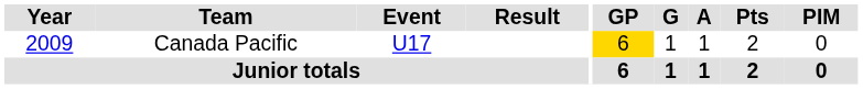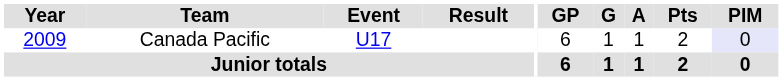 <table border="0" cellpadding="1" cellspacing="0" ID="Table3" style="text-align:center; width:40em">
 <tr ALIGN="center" bgcolor="#e0e0e0">
 <th>Year</th>
 <th>Team</th>
 <th>Event</th>
 <th>Result</th>
 <th rowspan="99" bgcolor="#ffffff"></th>
 <th>GP</th>
 <th>G</th>
 <th>A</th>
 <th>Pts</th>
 <th>PIM</th>
 </tr>
 <tr>
 <td><a href='#'>2009</a></td>
 <td>Canada Pacific</td>
 <td><a href='#'>U17</a></td>
 <td></td>
-<td style="background: gold;">6</td>
+<td>6</td>
 <td>1</td>
 <td>1</td>
 <td>2</td>
-<td>0</td>
+<td style="background: lavender;">0</td>
 </tr>
 <tr bgcolor="#e0e0e0">
 <th colspan="4">Junior totals</th>
 <th>6</th>
 <th>1</th>
 <th>1</th>
 <th>2</th>
 <th>0</th>
 </tr>
 </table>
